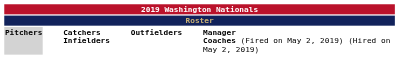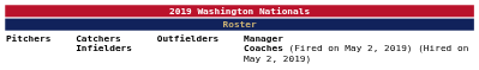 <table class="toccolours" style="font-size: 95%;">
 <tr>
 <th colspan="10" style="background-color: #ba122b; color: #FFFFFF; text-align: center;">2019 Washington Nationals</th>
 </tr>
 <tr>
 <td colspan="10" style="background-color: #11225b; color: #c9b074; text-align: center;"><strong>Roster</strong></td>
 </tr>
 <tr>
-<td valign="top" style="background: lightgrey;"><strong>Pitchers</strong><br>                            </td>
+<td valign="top"><strong>Pitchers</strong><br>                            </td>
 <td width="25px"></td>
 <td valign="top"><strong>Catchers</strong><br>    <strong>Infielders</strong>           </td>
 <td width="25px"></td>
 <td valign="top"><strong>Outfielders</strong><br>     </td>
 <td width="25px"></td>
 <td valign="top"><strong>Manager</strong><br> <strong>Coaches</strong>            (Fired on May 2, 2019)    (Hired on May 2, 2019)</td>
 </tr>
 <tr>
 </tr>
 </table>
